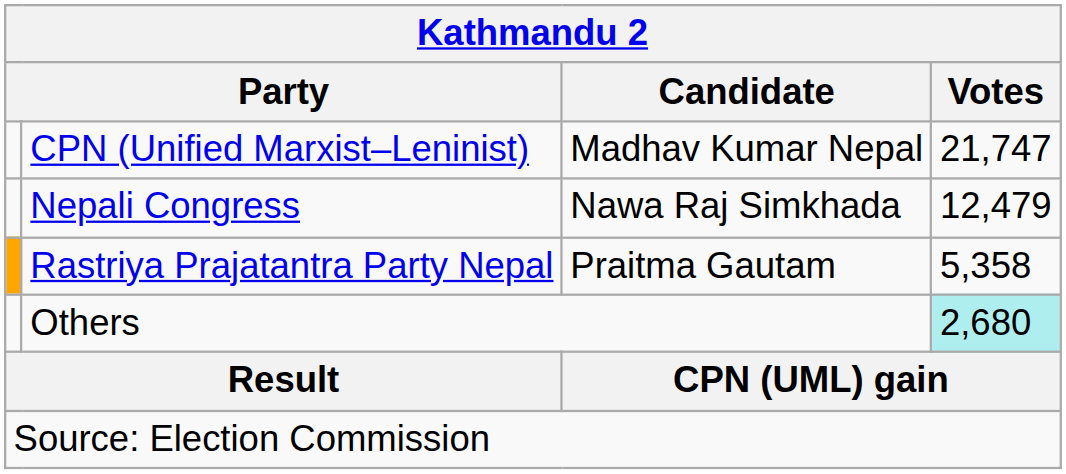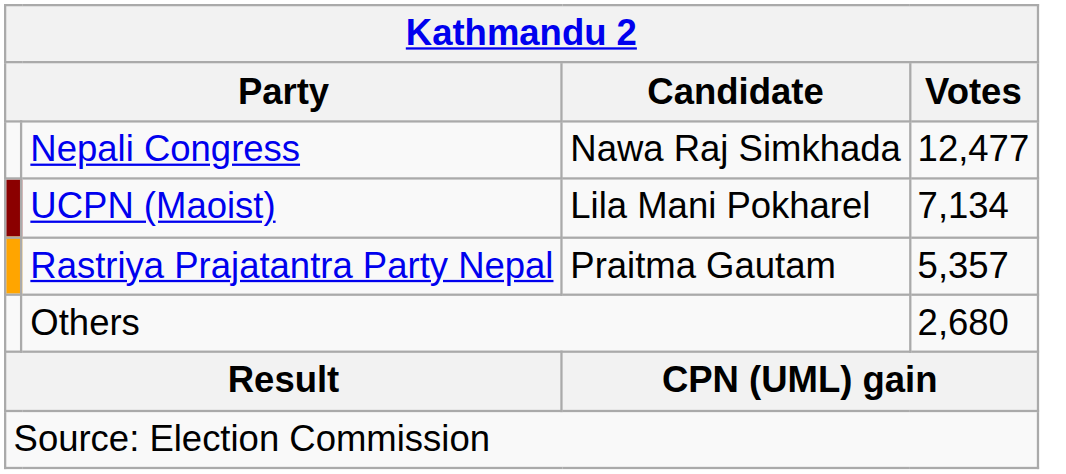 <table class="wikitable">
 <tr>
 <th colspan="4"><a href='#'>Kathmandu 2</a></th>
 </tr>
 <tr>
 <th colspan="2">Party</th>
 <th>Candidate</th>
 <th>Votes</th>
 </tr>
 <tr>
 <td style="background-color:"></td>
-<td><a href='#'>CPN (Unified Marxist–Leninist)</a></td>
-<td>Madhav Kumar Nepal</td>
-<td>21,747</td>
+<td><a href='#'>Nepali Congress</a></td>
+<td>Nawa Raj Simkhada</td>
+<td>12,477</td>
 </tr>
 <tr>
-<td style="background-color:"></td>
-<td><a href='#'>Nepali Congress</a></td>
-<td>Nawa Raj Simkhada</td>
-<td>12,479</td>
+<td style="background-color:darkred"></td>
+<td><a href='#'>UCPN (Maoist)</a></td>
+<td>Lila Mani Pokharel</td>
+<td>7,134</td>
 </tr>
 <tr>
 <td style="background-color:orange"></td>
 <td><a href='#'>Rastriya Prajatantra Party Nepal</a></td>
 <td>Praitma Gautam</td>
-<td>5,358</td>
+<td>5,357</td>
 </tr>
 <tr>
 <td></td>
 <td colspan="2">Others</td>
-<td style="background: paleturquoise;">2,680</td>
+<td>2,680</td>
 </tr>
 <tr>
 <th colspan="2">Result</th>
 <th colspan="2">CPN (UML) gain</th>
 </tr>
 <tr>
 <td colspan="4">Source: Election Commission</td>
 </tr>
 </table>
